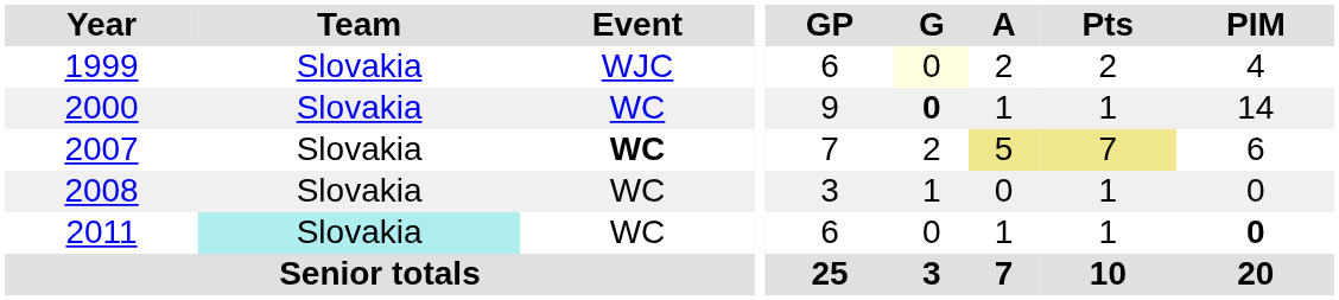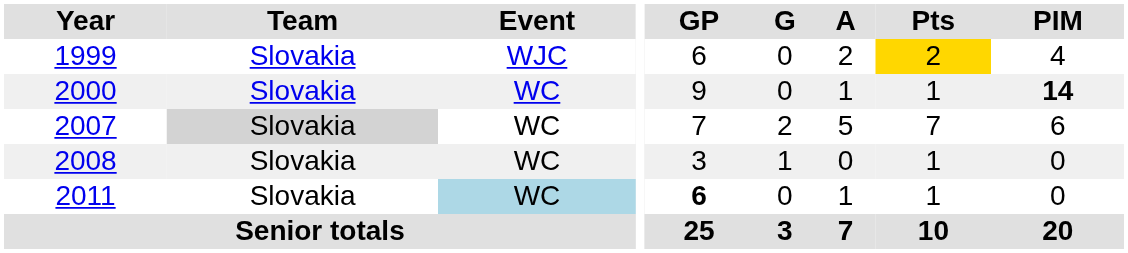 <table border="0" cellpadding="1" cellspacing="0" ID="Table3" style="text-align:center; width:40em">
 <tr ALIGN="center" bgcolor="#e0e0e0">
 <th>Year</th>
 <th>Team</th>
 <th>Event</th>
 <th rowspan="99" bgcolor="#ffffff"></th>
 <th>GP</th>
 <th>G</th>
 <th>A</th>
 <th>Pts</th>
 <th>PIM</th>
 </tr>
 <tr>
 <td><a href='#'>1999</a></td>
 <td><a href='#'>Slovakia</a></td>
 <td><a href='#'>WJC</a></td>
 <td>6</td>
-<td style="background: lightyellow;">0</td>
+<td>0</td>
 <td>2</td>
-<td>2</td>
+<td style="background: gold;">2</td>
 <td>4</td>
 </tr>
 <tr bgcolor="#f0f0f0">
 <td><a href='#'>2000</a></td>
 <td><a href='#'>Slovakia</a></td>
 <td><a href='#'>WC</a></td>
 <td>9</td>
-<td><strong>0</strong></td>
+<td>0</td>
 <td>1</td>
 <td>1</td>
-<td>14</td>
+<td><strong>14</strong></td>
 </tr>
 <tr>
 <td><a href='#'>2007</a></td>
-<td>Slovakia</td>
-<td><strong>WC</strong></td>
+<td style="background: lightgrey;">Slovakia</td>
+<td>WC</td>
 <td>7</td>
 <td>2</td>
-<td style="background: khaki;">5</td>
-<td style="background: khaki;">7</td>
+<td>5</td>
+<td>7</td>
 <td>6</td>
 </tr>
 <tr bgcolor="#f0f0f0">
 <td><a href='#'>2008</a></td>
 <td>Slovakia</td>
 <td>WC</td>
 <td>3</td>
 <td>1</td>
 <td>0</td>
 <td>1</td>
 <td>0</td>
 </tr>
 <tr>
 <td><a href='#'>2011</a></td>
-<td style="background: paleturquoise;">Slovakia</td>
-<td>WC</td>
-<td>6</td>
+<td>Slovakia</td>
+<td style="background: lightblue;">WC</td>
+<td><strong>6</strong></td>
 <td>0</td>
 <td>1</td>
 <td>1</td>
-<td><strong>0</strong></td>
+<td>0</td>
 </tr>
 <tr bgcolor="#e0e0e0">
 <th colspan="3">Senior totals</th>
 <th>25</th>
 <th>3</th>
 <th>7</th>
 <th>10</th>
 <th>20</th>
 </tr>
 </table>
